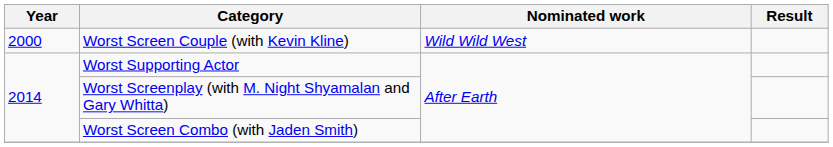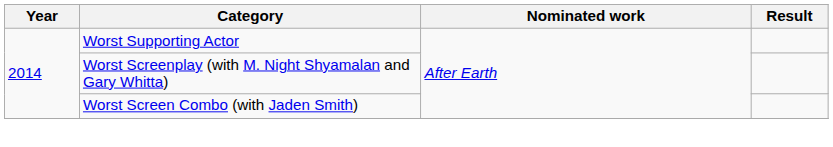 <table class=wikitable>
 <tr>
 <th scope="col" style="width:5em;">Year</th>
 <th scope="col" style="width:26em;">Category</th>
 <th scope="col" style="width:25em;">Nominated work</th>
 <th scope="col" style="width:5em;">Result</th>
-</tr>
-<tr>
-<td><a href='#'>2000</a></td>
-<td><a href='#'>Worst Screen  Couple</a> (with <a href='#'>Kevin Kline</a>)</td>
-<td><em><a href='#'>Wild Wild West</a></em></td>
-<td></td>
 </tr>
 <tr>
 <td rowspan="3"><a href='#'>2014</a></td>
 <td><a href='#'>Worst Supporting Actor</a></td>
 <td rowspan="3"><em><a href='#'>After Earth</a></em></td>
 <td></td>
 </tr>
 <tr>
 <td><a href='#'>Worst Screenplay</a> (with <a href='#'>M. Night Shyamalan</a> and <a href='#'>Gary Whitta</a>)</td>
 <td></td>
 </tr>
 <tr>
 <td><a href='#'>Worst Screen Combo</a> (with <a href='#'>Jaden Smith</a>)</td>
 <td></td>
 </tr>
 <tr>
 </tr>
 </table>
